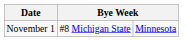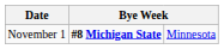 <table class="wikitable" style="font-size:95%;">
 <tr>
 <th>Date</th>
 <th colspan="2">Bye Week</th>
 </tr>
 <tr>
 <td>November 1</td>
-<td>#8 <a href='#'>Michigan State</a></td>
+<td><strong>#8 <a href='#'>Michigan State</a></strong></td>
 <td><a href='#'>Minnesota</a></td>
 </tr>
 </table>
